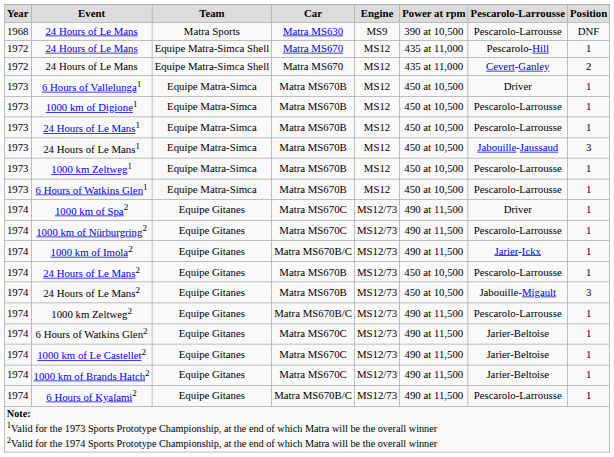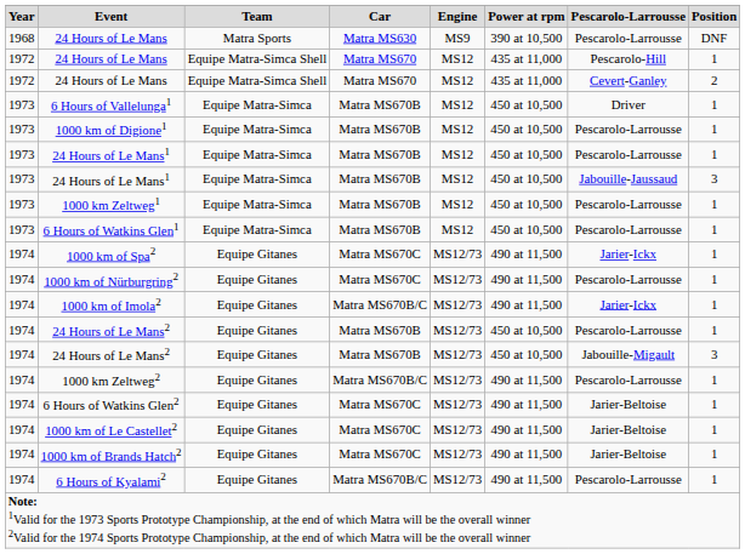 <table class="wikitable" cellpadding="0" cellspacing="0" style="text-align:center; font-size:90%;">
 <tr>
 </tr>
 <tr style="background:#DCDCDC; align:center; valign:middle; font-weight:bold">
 <td>Year</td>
 <td>Event</td>
 <td>Team</td>
 <td>Car</td>
 <td>Engine</td>
 <td>Power at rpm</td>
 <td>Pescarolo-Larrousse</td>
 <td>Position</td>
 </tr>
 <tr>
 <td>1968</td>
 <td><a href='#'>24 Hours of Le Mans</a></td>
 <td>Matra Sports</td>
 <td><a href='#'>Matra MS630</a></td>
 <td>MS9</td>
 <td>390 at 10,500</td>
 <td>Pescarolo-Larrousse</td>
 <td>DNF</td>
 </tr>
 <tr>
 <td>1972</td>
 <td><a href='#'>24 Hours of Le Mans</a></td>
 <td>Equipe Matra-Simca Shell</td>
 <td><a href='#'>Matra MS670</a></td>
 <td>MS12</td>
 <td>435 at 11,000</td>
 <td>Pescarolo-<a href='#'>Hill</a></td>
 <td>1</td>
 </tr>
 <tr>
 <td>1972</td>
 <td>24 Hours of Le Mans</td>
 <td>Equipe Matra-Simca Shell</td>
 <td>Matra MS670</td>
 <td>MS12</td>
 <td>435 at 11,000</td>
 <td><a href='#'>Cevert</a>-<a href='#'>Ganley</a></td>
 <td>2</td>
 </tr>
 <tr>
 <td>1973</td>
 <td><a href='#'>6 Hours of Vallelunga</a><sup>1</sup></td>
 <td>Equipe Matra-Simca</td>
 <td>Matra MS670B</td>
 <td>MS12</td>
 <td>450 at 10,500</td>
 <td>Driver</td>
 <td>1</td>
 </tr>
 <tr>
 <td>1973</td>
 <td><a href='#'>1000 km of Digione</a><sup>1</sup></td>
 <td>Equipe Matra-Simca</td>
 <td>Matra MS670B</td>
 <td>MS12</td>
 <td>450 at 10,500</td>
 <td>Pescarolo-Larrousse</td>
 <td>1</td>
 </tr>
 <tr>
 <td>1973</td>
 <td><a href='#'>24 Hours of Le Mans</a><sup>1</sup></td>
 <td>Equipe Matra-Simca</td>
 <td>Matra MS670B</td>
 <td>MS12</td>
 <td>450 at 10,500</td>
 <td>Pescarolo-Larrousse</td>
 <td>1</td>
 </tr>
 <tr>
 <td>1973</td>
 <td>24 Hours of Le Mans<sup>1</sup></td>
 <td>Equipe Matra-Simca</td>
 <td>Matra MS670B</td>
 <td>MS12</td>
 <td>450 at 10,500</td>
 <td><a href='#'>Jabouille</a>-<a href='#'>Jaussaud</a></td>
 <td>3</td>
 </tr>
 <tr>
 <td>1973</td>
 <td><a href='#'>1000 km Zeltweg</a><sup>1</sup></td>
 <td>Equipe Matra-Simca</td>
 <td>Matra MS670B</td>
 <td>MS12</td>
 <td>450 at 10,500</td>
 <td>Pescarolo-Larrousse</td>
 <td>1</td>
 </tr>
 <tr>
 <td>1973</td>
 <td><a href='#'>6 Hours of Watkins Glen</a><sup>1</sup></td>
 <td>Equipe Matra-Simca</td>
 <td>Matra MS670B</td>
 <td>MS12</td>
 <td>450 at 10,500</td>
 <td>Pescarolo-Larrousse</td>
 <td>1</td>
 </tr>
 <tr>
 <td>1974</td>
 <td><a href='#'>1000 km of Spa</a><sup>2</sup></td>
 <td>Equipe Gitanes</td>
 <td>Matra MS670C</td>
 <td>MS12/73</td>
 <td>490 at 11,500</td>
-<td>Driver</td>
+<td><a href='#'>Jarier</a>-<a href='#'>Ickx</a></td>
 <td>1</td>
 </tr>
 <tr>
 <td>1974</td>
 <td><a href='#'>1000 km of Nürburgring</a><sup>2</sup></td>
 <td>Equipe Gitanes</td>
 <td>Matra MS670C</td>
 <td>MS12/73</td>
 <td>490 at 11,500</td>
 <td>Pescarolo-Larrousse</td>
 <td>1</td>
 </tr>
 <tr>
 <td>1974</td>
 <td><a href='#'>1000 km of Imola</a><sup>2</sup></td>
 <td>Equipe Gitanes</td>
 <td>Matra MS670B/C</td>
 <td>MS12/73</td>
 <td>490 at 11,500</td>
 <td><a href='#'>Jarier</a>-<a href='#'>Ickx</a></td>
 <td>1</td>
 </tr>
 <tr>
 <td>1974</td>
 <td><a href='#'>24 Hours of Le Mans</a><sup>2</sup></td>
 <td>Equipe Gitanes</td>
 <td>Matra MS670B</td>
 <td>MS12/73</td>
 <td>450 at 10,500</td>
 <td>Pescarolo-Larrousse</td>
 <td>1</td>
 </tr>
 <tr>
 <td>1974</td>
 <td>24 Hours of Le Mans<sup>2</sup></td>
 <td>Equipe Gitanes</td>
 <td>Matra MS670B</td>
 <td>MS12/73</td>
 <td>450 at 10,500</td>
 <td>Jabouille-<a href='#'>Migault</a></td>
 <td>3</td>
 </tr>
 <tr>
 <td>1974</td>
 <td>1000 km Zeltweg<sup>2</sup></td>
 <td>Equipe Gitanes</td>
 <td>Matra MS670B/C</td>
 <td>MS12/73</td>
 <td>490 at 11,500</td>
 <td>Pescarolo-Larrousse</td>
 <td>1</td>
 </tr>
 <tr>
 <td>1974</td>
 <td>6 Hours of Watkins Glen<sup>2</sup></td>
 <td>Equipe Gitanes</td>
 <td>Matra MS670C</td>
 <td>MS12/73</td>
 <td>490 at 11,500</td>
 <td>Jarier-Beltoise</td>
 <td>1</td>
 </tr>
 <tr>
 <td>1974</td>
 <td><a href='#'>1000 km of Le Castellet</a><sup>2</sup></td>
 <td>Equipe Gitanes</td>
 <td>Matra MS670C</td>
 <td>MS12/73</td>
 <td>490 at 11,500</td>
 <td>Jarier-Beltoise</td>
 <td>1</td>
 </tr>
 <tr>
 <td>1974</td>
 <td><a href='#'>1000 km of Brands Hatch</a><sup>2</sup></td>
 <td>Equipe Gitanes</td>
 <td>Matra MS670C</td>
 <td>MS12/73</td>
 <td>490 at 11,500</td>
 <td>Jarier-Beltoise</td>
 <td>1</td>
 </tr>
 <tr>
 <td>1974</td>
 <td><a href='#'>6 Hours of Kyalami</a><sup>2</sup></td>
 <td>Equipe Gitanes</td>
 <td>Matra MS670B/C</td>
 <td>MS12/73</td>
 <td>490 at 11,500</td>
 <td>Pescarolo-Larrousse</td>
 <td>1</td>
 </tr>
 <tr>
 <td style="text-align:left; font-size:95%;" colspan="13"><strong>Note:</strong><br><sup>1</sup>Valid for the 1973 Sports Prototype Championship, at the end of which Matra will be the overall winner<br><sup>2</sup>Valid for the 1974 Sports Prototype Championship, at the end of which Matra will be the overall winner</td>
 </tr>
 </table>
